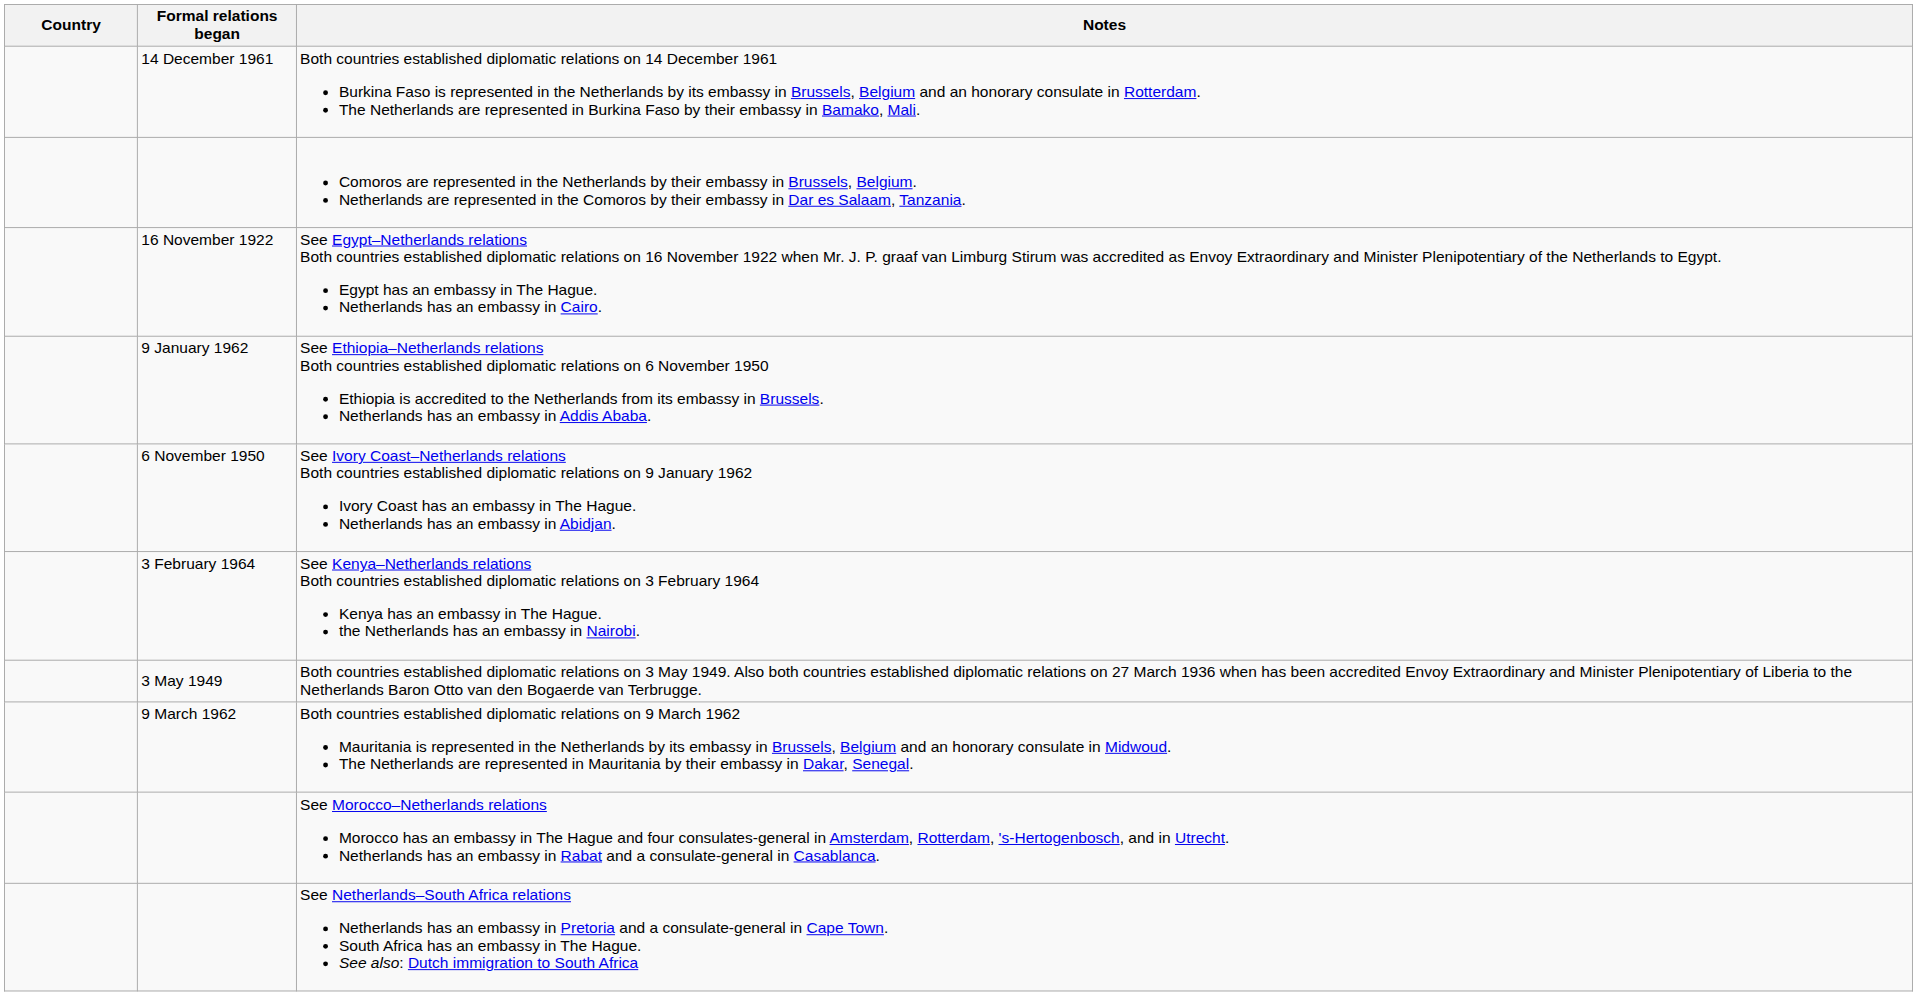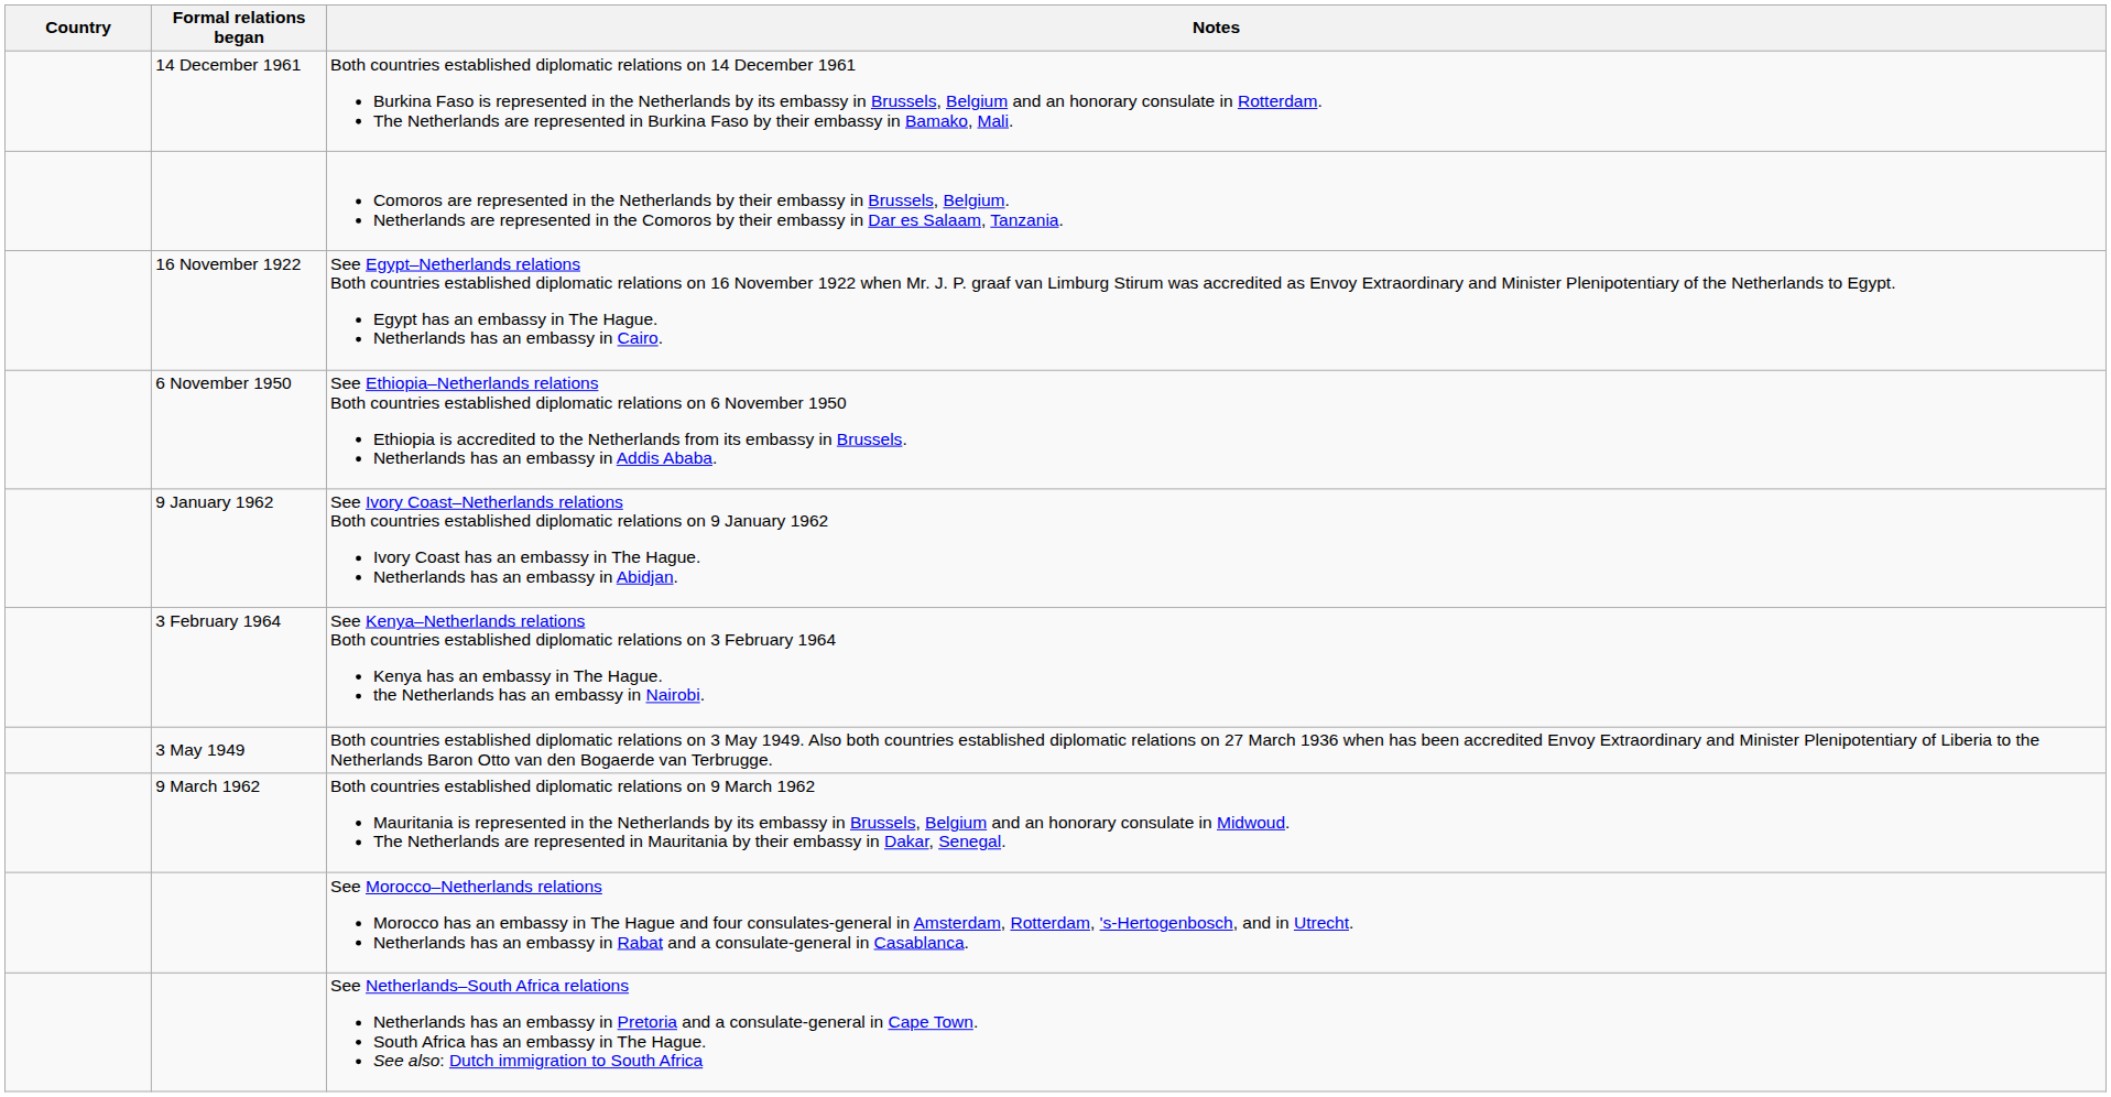 <table class="wikitable sortable">
 <tr>
 <th width=130>Country</th>
 <th>Formal relations began</th>
 <th class=unsortable>Notes</th>
 </tr>
 <tr valign="top">
 <td></td>
 <td>14 December 1961</td>
 <td>Both countries established diplomatic relations on 14 December 1961<br><ul><li>Burkina Faso is represented in the Netherlands by its embassy in <a href='#'>Brussels</a>, <a href='#'>Belgium</a> and an honorary consulate in <a href='#'>Rotterdam</a>.</li><li>The Netherlands are represented in Burkina Faso by their embassy in <a href='#'>Bamako</a>, <a href='#'>Mali</a>.</li></ul></td>
 </tr>
 <tr valign="top">
 <td></td>
 <td></td>
 <td><br><ul><li>Comoros are represented in the Netherlands by their embassy in <a href='#'>Brussels</a>, <a href='#'>Belgium</a>.</li><li>Netherlands are represented in the Comoros by their embassy in <a href='#'>Dar es Salaam</a>, <a href='#'>Tanzania</a>.</li></ul></td>
 </tr>
 <tr valign="top">
 <td></td>
 <td>16 November 1922</td>
 <td>See <a href='#'>Egypt–Netherlands relations</a><br>Both countries established diplomatic relations on 16 November 1922 when Mr. J. P. graaf van Limburg Stirum was accredited as Envoy Extraordinary and Minister Plenipotentiary of the Netherlands to Egypt.<ul><li>Egypt has an embassy in The Hague.</li><li>Netherlands has an embassy in <a href='#'>Cairo</a>.</li></ul></td>
 </tr>
 <tr valign="top">
 <td></td>
-<td>9 January 1962</td>
+<td>6 November 1950</td>
 <td>See <a href='#'>Ethiopia–Netherlands relations</a><br>Both countries established diplomatic relations on 6 November 1950<ul><li>Ethiopia is accredited to the Netherlands from its embassy in <a href='#'>Brussels</a>.</li><li>Netherlands has an embassy in <a href='#'>Addis Ababa</a>.</li></ul></td>
 </tr>
 <tr valign="top">
 <td></td>
-<td>6 November 1950</td>
+<td>9 January 1962</td>
 <td>See <a href='#'>Ivory Coast–Netherlands relations</a><br>Both countries established diplomatic relations on 9 January 1962<ul><li>Ivory Coast has an embassy in The Hague.</li><li>Netherlands has an embassy in <a href='#'>Abidjan</a>.</li></ul></td>
 </tr>
 <tr valign="top">
 <td></td>
 <td>3 February 1964</td>
 <td>See <a href='#'>Kenya–Netherlands relations</a><br>Both countries established diplomatic relations on 3 February 1964<ul><li>Kenya has an embassy in The Hague.</li><li>the Netherlands has an embassy in <a href='#'>Nairobi</a>.</li></ul></td>
 </tr>
 <tr>
 <td></td>
 <td>3 May 1949</td>
 <td>Both countries established diplomatic relations on 3 May 1949. Also both countries established diplomatic relations on 27 March 1936 when has been accredited Envoy Extraordinary and Minister Plenipotentiary of Liberia to the Netherlands Baron Otto van den Bogaerde van Terbrugge.</td>
 </tr>
 <tr valign="top">
 <td></td>
 <td>9 March 1962</td>
 <td>Both countries established diplomatic relations on 9 March 1962<br><ul><li>Mauritania is represented in the Netherlands by its embassy in <a href='#'>Brussels</a>, <a href='#'>Belgium</a> and an honorary consulate in <a href='#'>Midwoud</a>.</li><li>The Netherlands are represented in Mauritania by their embassy in <a href='#'>Dakar</a>, <a href='#'>Senegal</a>.</li></ul></td>
 </tr>
 <tr valign="top">
 <td></td>
 <td></td>
 <td>See <a href='#'>Morocco–Netherlands relations</a><br><ul><li>Morocco has an embassy in The Hague and four consulates-general in <a href='#'>Amsterdam</a>, <a href='#'>Rotterdam</a>, <a href='#'>'s-Hertogenbosch</a>, and in <a href='#'>Utrecht</a>.</li><li>Netherlands has an embassy in <a href='#'>Rabat</a> and a consulate-general in <a href='#'>Casablanca</a>.</li></ul></td>
 </tr>
 <tr valign="top">
 <td></td>
 <td></td>
 <td>See <a href='#'>Netherlands–South Africa relations</a><br><ul><li>Netherlands has an embassy in <a href='#'>Pretoria</a> and a consulate-general in <a href='#'>Cape Town</a>.</li><li>South Africa has an embassy in The Hague.</li><li><em>See also</em>: <a href='#'>Dutch immigration to South Africa</a></li></ul></td>
 </tr>
 </table>
